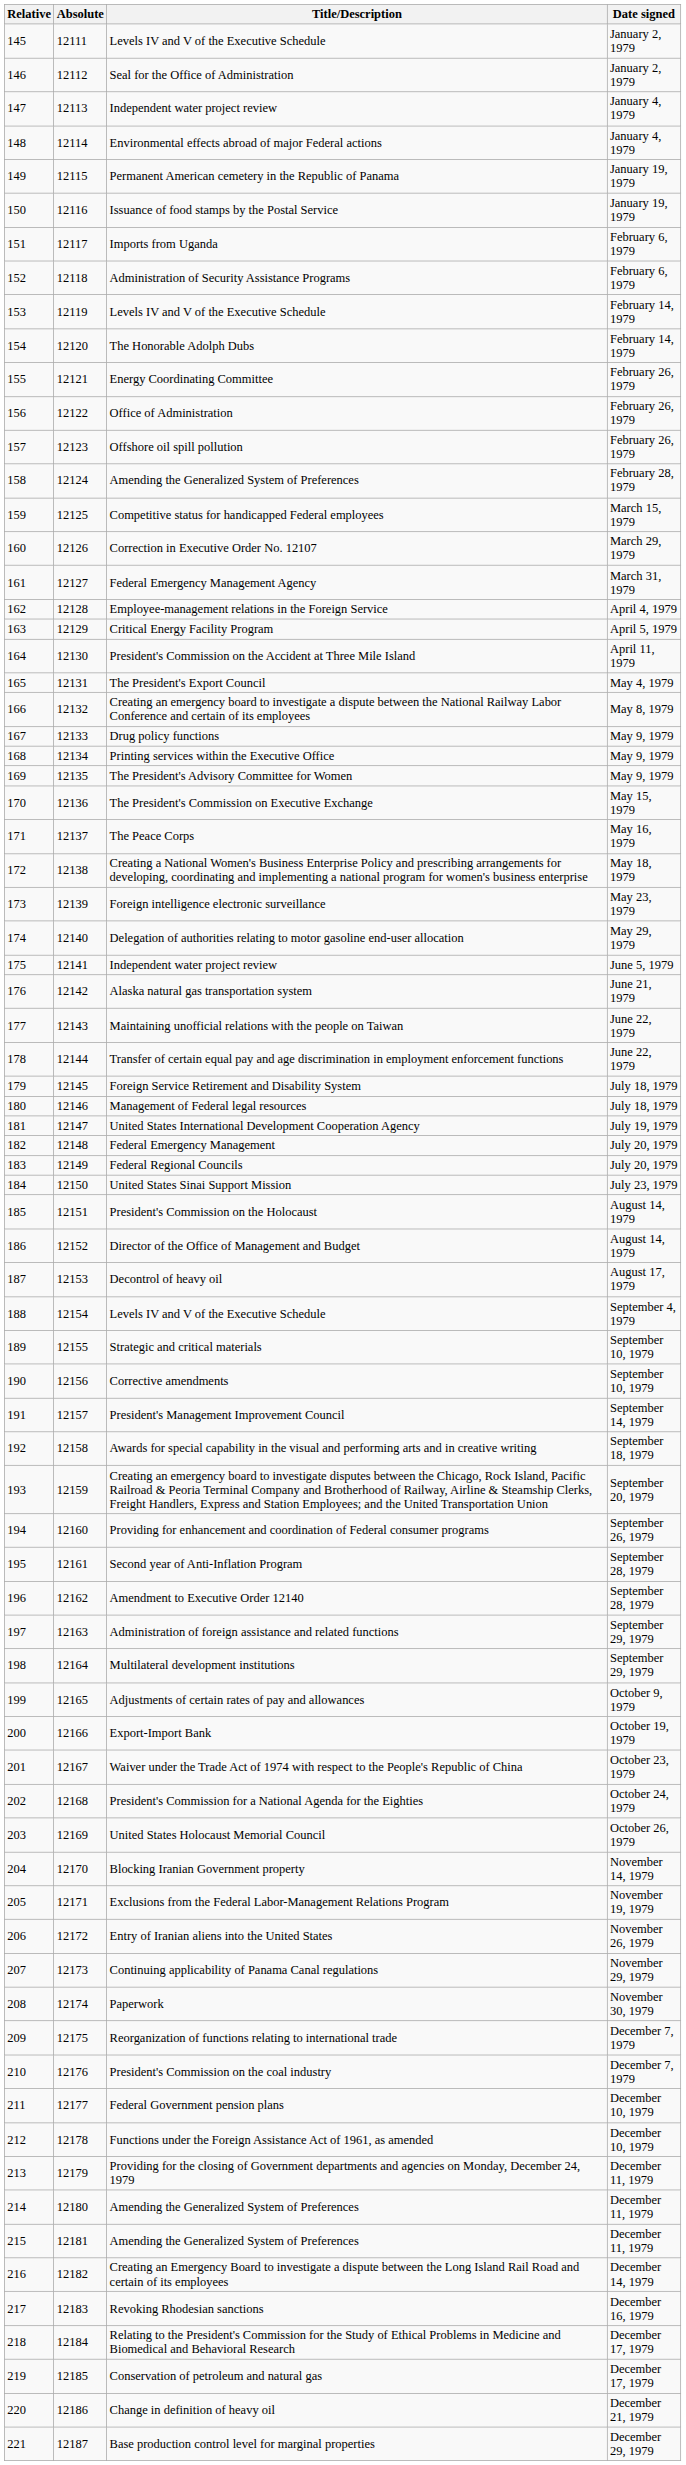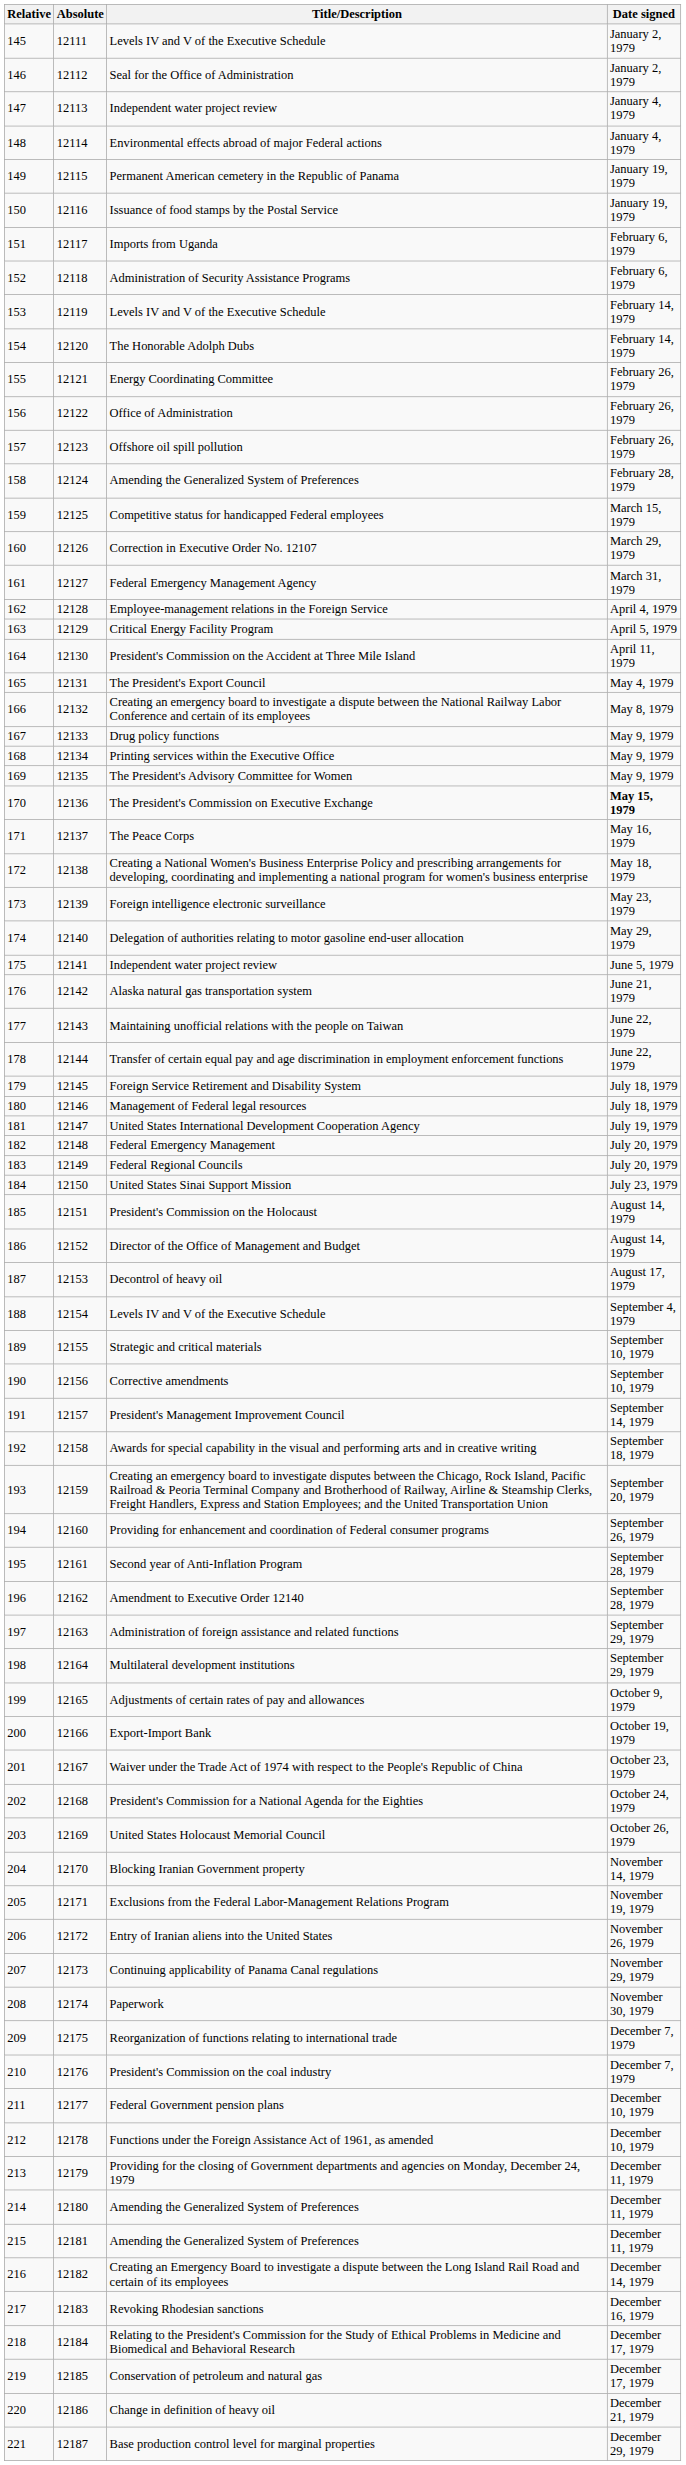 <table class="wikitable">
 <tr>
 <th>Relative </th>
 <th>Absolute </th>
 <th>Title/Description</th>
 <th>Date signed</th>
 </tr>
 <tr>
 <td>145</td>
 <td>12111</td>
 <td>Levels IV and V of the Executive Schedule</td>
 <td>January 2, 1979</td>
 </tr>
 <tr>
 <td>146</td>
 <td>12112</td>
 <td>Seal for the Office of Administration</td>
 <td>January 2, 1979</td>
 </tr>
 <tr>
 <td>147</td>
 <td>12113</td>
 <td>Independent water project review</td>
 <td>January 4, 1979</td>
 </tr>
 <tr>
 <td>148</td>
 <td>12114</td>
 <td>Environmental effects abroad of major Federal actions</td>
 <td>January 4, 1979</td>
 </tr>
 <tr>
 <td>149</td>
 <td>12115</td>
 <td>Permanent American cemetery in the Republic of Panama</td>
 <td>January 19, 1979</td>
 </tr>
 <tr>
 <td>150</td>
 <td>12116</td>
 <td>Issuance of food stamps by the Postal Service</td>
 <td>January 19, 1979</td>
 </tr>
 <tr>
 <td>151</td>
 <td>12117</td>
 <td>Imports from Uganda</td>
 <td>February 6, 1979</td>
 </tr>
 <tr>
 <td>152</td>
 <td>12118</td>
 <td>Administration of Security Assistance Programs</td>
 <td>February 6, 1979</td>
 </tr>
 <tr>
 <td>153</td>
 <td>12119</td>
 <td>Levels IV and V of the Executive Schedule</td>
 <td>February 14, 1979</td>
 </tr>
 <tr>
 <td>154</td>
 <td>12120</td>
 <td>The Honorable Adolph Dubs</td>
 <td>February 14, 1979</td>
 </tr>
 <tr>
 <td>155</td>
 <td>12121</td>
 <td>Energy Coordinating Committee</td>
 <td>February 26, 1979</td>
 </tr>
 <tr>
 <td>156</td>
 <td>12122</td>
 <td>Office of Administration</td>
 <td>February 26, 1979</td>
 </tr>
 <tr>
 <td>157</td>
 <td>12123</td>
 <td>Offshore oil spill pollution</td>
 <td>February 26, 1979</td>
 </tr>
 <tr>
 <td>158</td>
 <td>12124</td>
 <td>Amending the Generalized System of Preferences</td>
 <td>February 28, 1979</td>
 </tr>
 <tr>
 <td>159</td>
 <td>12125</td>
 <td>Competitive status for handicapped Federal employees</td>
 <td>March 15, 1979</td>
 </tr>
 <tr>
 <td>160</td>
 <td>12126</td>
 <td>Correction in Executive Order No. 12107</td>
 <td>March 29, 1979</td>
 </tr>
 <tr>
 <td>161</td>
 <td>12127</td>
 <td>Federal Emergency Management Agency</td>
 <td>March 31, 1979</td>
 </tr>
 <tr>
 <td>162</td>
 <td>12128</td>
 <td>Employee-management relations in the Foreign Service</td>
 <td>April 4, 1979</td>
 </tr>
 <tr>
 <td>163</td>
 <td>12129</td>
 <td>Critical Energy Facility Program</td>
 <td>April 5, 1979</td>
 </tr>
 <tr>
 <td>164</td>
 <td>12130</td>
 <td>President's Commission on the Accident at Three Mile Island</td>
 <td>April 11, 1979</td>
 </tr>
 <tr>
 <td>165</td>
 <td>12131</td>
 <td>The President's Export Council</td>
 <td>May 4, 1979</td>
 </tr>
 <tr>
 <td>166</td>
 <td>12132</td>
 <td>Creating an emergency board to investigate a dispute between the National Railway Labor Conference and certain of its employees</td>
 <td>May 8, 1979</td>
 </tr>
 <tr>
 <td>167</td>
 <td>12133</td>
 <td>Drug policy functions</td>
 <td>May 9, 1979</td>
 </tr>
 <tr>
 <td>168</td>
 <td>12134</td>
 <td>Printing services within the Executive Office</td>
 <td>May 9, 1979</td>
 </tr>
 <tr>
 <td>169</td>
 <td>12135</td>
 <td>The President's Advisory Committee for Women</td>
 <td>May 9, 1979</td>
 </tr>
 <tr>
 <td>170</td>
 <td>12136</td>
 <td>The President's Commission on Executive Exchange</td>
-<td>May 15, 1979</td>
+<td><strong>May 15, 1979</strong></td>
 </tr>
 <tr>
 <td>171</td>
 <td>12137</td>
 <td>The Peace Corps</td>
 <td>May 16, 1979</td>
 </tr>
 <tr>
 <td>172</td>
 <td>12138</td>
 <td>Creating a National Women's Business Enterprise Policy and prescribing arrangements for developing, coordinating and implementing a national program for women's business enterprise</td>
 <td>May 18, 1979</td>
 </tr>
 <tr>
 <td>173</td>
 <td>12139</td>
 <td>Foreign intelligence electronic surveillance</td>
 <td>May 23, 1979</td>
 </tr>
 <tr>
 <td>174</td>
 <td>12140</td>
 <td>Delegation of authorities relating to motor gasoline end-user allocation</td>
 <td>May 29, 1979</td>
 </tr>
 <tr>
 <td>175</td>
 <td>12141</td>
 <td>Independent water project review</td>
 <td>June 5, 1979</td>
 </tr>
 <tr>
 <td>176</td>
 <td>12142</td>
 <td>Alaska natural gas transportation system</td>
 <td>June 21, 1979</td>
 </tr>
 <tr>
 <td>177</td>
 <td>12143</td>
 <td>Maintaining unofficial relations with the people on Taiwan</td>
 <td>June 22, 1979</td>
 </tr>
 <tr>
 <td>178</td>
 <td>12144</td>
 <td>Transfer of certain equal pay and age discrimination in employment enforcement functions</td>
 <td>June 22, 1979</td>
 </tr>
 <tr>
 <td>179</td>
 <td>12145</td>
 <td>Foreign Service Retirement and Disability System</td>
 <td>July 18, 1979</td>
 </tr>
 <tr>
 <td>180</td>
 <td>12146</td>
 <td>Management of Federal legal resources</td>
 <td>July 18, 1979</td>
 </tr>
 <tr>
 <td>181</td>
 <td>12147</td>
 <td>United States International Development Cooperation Agency</td>
 <td>July 19, 1979</td>
 </tr>
 <tr>
 <td>182</td>
 <td>12148</td>
 <td>Federal Emergency Management</td>
 <td>July 20, 1979</td>
 </tr>
 <tr>
 <td>183</td>
 <td>12149</td>
 <td>Federal Regional Councils</td>
 <td>July 20, 1979</td>
 </tr>
 <tr>
 <td>184</td>
 <td>12150</td>
 <td>United States Sinai Support Mission</td>
 <td>July 23, 1979</td>
 </tr>
 <tr>
 <td>185</td>
 <td>12151</td>
 <td>President's Commission on the Holocaust</td>
 <td>August 14, 1979</td>
 </tr>
 <tr>
 <td>186</td>
 <td>12152</td>
 <td>Director of the Office of Management and Budget</td>
 <td>August 14, 1979</td>
 </tr>
 <tr>
 <td>187</td>
 <td>12153</td>
 <td>Decontrol of heavy oil</td>
 <td>August 17, 1979</td>
 </tr>
 <tr>
 <td>188</td>
 <td>12154</td>
 <td>Levels IV and V of the Executive Schedule</td>
 <td>September 4, 1979</td>
 </tr>
 <tr>
 <td>189</td>
 <td>12155</td>
 <td>Strategic and critical materials</td>
 <td>September 10, 1979</td>
 </tr>
 <tr>
 <td>190</td>
 <td>12156</td>
 <td>Corrective amendments</td>
 <td>September 10, 1979</td>
 </tr>
 <tr>
 <td>191</td>
 <td>12157</td>
 <td>President's Management Improvement Council</td>
 <td>September 14, 1979</td>
 </tr>
 <tr>
 <td>192</td>
 <td>12158</td>
 <td>Awards for special capability in the visual and performing arts and in creative writing</td>
 <td>September 18, 1979</td>
 </tr>
 <tr>
 <td>193</td>
 <td>12159</td>
 <td>Creating an emergency board to investigate disputes between the Chicago, Rock Island, Pacific Railroad & Peoria Terminal Company and Brotherhood of Railway, Airline & Steamship Clerks, Freight Handlers, Express and Station Employees; and the United Transportation Union</td>
 <td>September 20, 1979</td>
 </tr>
 <tr>
 <td>194</td>
 <td>12160</td>
 <td>Providing for enhancement and coordination of Federal consumer programs</td>
 <td>September 26, 1979</td>
 </tr>
 <tr>
 <td>195</td>
 <td>12161</td>
 <td>Second year of Anti-Inflation Program</td>
 <td>September 28, 1979</td>
 </tr>
 <tr>
 <td>196</td>
 <td>12162</td>
 <td>Amendment to Executive Order 12140</td>
 <td>September 28, 1979</td>
 </tr>
 <tr>
 <td>197</td>
 <td>12163</td>
 <td>Administration of foreign assistance and related functions</td>
 <td>September 29, 1979</td>
 </tr>
 <tr>
 <td>198</td>
 <td>12164</td>
 <td>Multilateral development institutions</td>
 <td>September 29, 1979</td>
 </tr>
 <tr>
 <td>199</td>
 <td>12165</td>
 <td>Adjustments of certain rates of pay and allowances</td>
 <td>October 9, 1979</td>
 </tr>
 <tr>
 <td>200</td>
 <td>12166</td>
 <td>Export-Import Bank</td>
 <td>October 19, 1979</td>
 </tr>
 <tr>
 <td>201</td>
 <td>12167</td>
 <td>Waiver under the Trade Act of 1974 with respect to the People's Republic of China</td>
 <td>October 23, 1979</td>
 </tr>
 <tr>
 <td>202</td>
 <td>12168</td>
 <td>President's Commission for a National Agenda for the Eighties</td>
 <td>October 24, 1979</td>
 </tr>
 <tr>
 <td>203</td>
 <td>12169</td>
 <td>United States Holocaust Memorial Council</td>
 <td>October 26, 1979</td>
 </tr>
 <tr>
 <td>204</td>
 <td>12170</td>
 <td>Blocking Iranian Government property</td>
 <td>November 14, 1979</td>
 </tr>
 <tr>
 <td>205</td>
 <td>12171</td>
 <td>Exclusions from the Federal Labor-Management Relations Program</td>
 <td>November 19, 1979</td>
 </tr>
 <tr>
 <td>206</td>
 <td>12172</td>
 <td>Entry of Iranian aliens into the United States</td>
 <td>November 26, 1979</td>
 </tr>
 <tr>
 <td>207</td>
 <td>12173</td>
 <td>Continuing applicability of Panama Canal regulations</td>
 <td>November 29, 1979</td>
 </tr>
 <tr>
 <td>208</td>
 <td>12174</td>
 <td>Paperwork</td>
 <td>November 30, 1979</td>
 </tr>
 <tr>
 <td>209</td>
 <td>12175</td>
 <td>Reorganization of functions relating to international trade</td>
 <td>December 7, 1979</td>
 </tr>
 <tr>
 <td>210</td>
 <td>12176</td>
 <td>President's Commission on the coal industry</td>
 <td>December 7, 1979</td>
 </tr>
 <tr>
 <td>211</td>
 <td>12177</td>
 <td>Federal Government pension plans</td>
 <td>December 10, 1979</td>
 </tr>
 <tr>
 <td>212</td>
 <td>12178</td>
 <td>Functions under the Foreign Assistance Act of 1961, as amended</td>
 <td>December 10, 1979</td>
 </tr>
 <tr>
 <td>213</td>
 <td>12179</td>
 <td>Providing for the closing of Government departments and agencies on Monday, December 24, 1979</td>
 <td>December 11, 1979</td>
 </tr>
 <tr>
 <td>214</td>
 <td>12180</td>
 <td>Amending the Generalized System of Preferences</td>
 <td>December 11, 1979</td>
 </tr>
 <tr>
 <td>215</td>
 <td>12181</td>
 <td>Amending the Generalized System of Preferences</td>
 <td>December 11, 1979</td>
 </tr>
 <tr>
 <td>216</td>
 <td>12182</td>
 <td>Creating an Emergency Board to investigate a dispute between the Long Island Rail Road and certain of its employees</td>
 <td>December 14, 1979</td>
 </tr>
 <tr>
 <td>217</td>
 <td>12183</td>
 <td>Revoking Rhodesian sanctions</td>
 <td>December 16, 1979</td>
 </tr>
 <tr>
 <td>218</td>
 <td>12184</td>
 <td>Relating to the President's Commission for the Study of Ethical Problems in Medicine and Biomedical and Behavioral Research</td>
 <td>December 17, 1979</td>
 </tr>
 <tr>
 <td>219</td>
 <td>12185</td>
 <td>Conservation of petroleum and natural gas</td>
 <td>December 17, 1979</td>
 </tr>
 <tr>
 <td>220</td>
 <td>12186</td>
 <td>Change in definition of heavy oil</td>
 <td>December 21, 1979</td>
 </tr>
 <tr>
 <td>221</td>
 <td>12187</td>
 <td>Base production control level for marginal properties</td>
 <td>December 29, 1979</td>
 </tr>
 </table>
